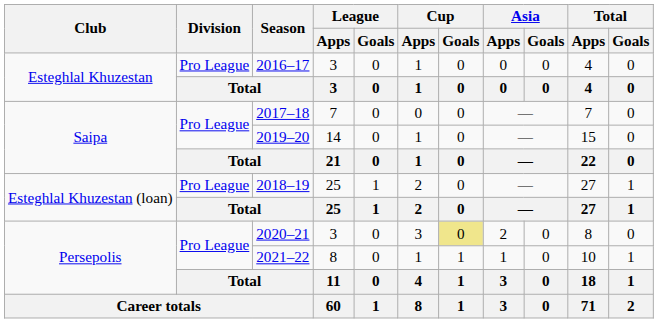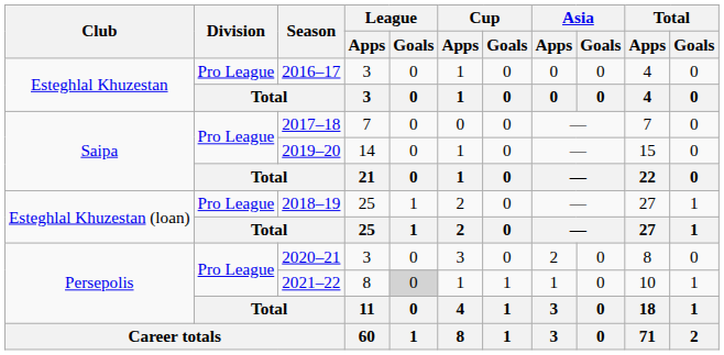 <table class="wikitable" style="text-align: center;">
 <tr>
 <th rowspan="2">Club</th>
 <th rowspan="2">Division</th>
 <th rowspan="2">Season</th>
 <th colspan="2">League</th>
 <th colspan="2">Cup</th>
 <th colspan="2"><a href='#'>Asia</a></th>
 <th colspan="2">Total</th>
 </tr>
 <tr>
 <th>Apps</th>
 <th>Goals</th>
 <th>Apps</th>
 <th>Goals</th>
 <th>Apps</th>
 <th>Goals</th>
 <th>Apps</th>
 <th>Goals</th>
 </tr>
 <tr>
 <td rowspan="2"><a href='#'>Esteghlal Khuzestan</a></td>
 <td rowspan="1"><a href='#'>Pro League</a></td>
 <td><a href='#'>2016–17</a></td>
 <td>3</td>
 <td>0</td>
 <td>1</td>
 <td>0</td>
 <td>0</td>
 <td>0</td>
 <td>4</td>
 <td>0</td>
 </tr>
 <tr>
 <th colspan="2">Total</th>
 <th>3</th>
 <th>0</th>
 <th>1</th>
 <th>0</th>
 <th>0</th>
 <th>0</th>
 <th>4</th>
 <th>0</th>
 </tr>
 <tr>
 <td rowspan="3"><a href='#'>Saipa</a></td>
 <td rowspan="2"><a href='#'>Pro League</a></td>
 <td><a href='#'>2017–18</a></td>
 <td>7</td>
 <td>0</td>
 <td>0</td>
 <td>0</td>
 <td colspan=2>—</td>
 <td>7</td>
 <td>0</td>
 </tr>
 <tr>
 <td><a href='#'>2019–20</a></td>
 <td>14</td>
 <td>0</td>
 <td>1</td>
 <td>0</td>
 <td colspan=2>—</td>
 <td>15</td>
 <td>0</td>
 </tr>
 <tr>
 <th colspan="2">Total</th>
 <th>21</th>
 <th>0</th>
 <th>1</th>
 <th>0</th>
 <th colspan=2>—</th>
 <th>22</th>
 <th>0</th>
 </tr>
 <tr>
 <td rowspan="2"><a href='#'>Esteghlal Khuzestan</a> (loan)</td>
 <td rowspan="1"><a href='#'>Pro League</a></td>
 <td><a href='#'>2018–19</a></td>
 <td>25</td>
 <td>1</td>
 <td>2</td>
 <td>0</td>
 <td colspan=2>—</td>
 <td>27</td>
 <td>1</td>
 </tr>
 <tr>
 <th colspan="2">Total</th>
 <th>25</th>
 <th>1</th>
 <th>2</th>
 <th>0</th>
 <th colspan=2>—</th>
 <th>27</th>
 <th>1</th>
 </tr>
 <tr>
 <td rowspan="3"><a href='#'>Persepolis</a></td>
 <td rowspan="2"><a href='#'>Pro League</a></td>
 <td><a href='#'>2020–21</a></td>
 <td>3</td>
 <td>0</td>
 <td>3</td>
-<td style="background: khaki;">0</td>
+<td>0</td>
 <td>2</td>
 <td>0</td>
 <td>8</td>
 <td>0</td>
 </tr>
 <tr>
 <td><a href='#'>2021–22</a></td>
 <td>8</td>
-<td>0</td>
+<td style="background: lightgrey;">0</td>
 <td>1</td>
 <td>1</td>
 <td>1</td>
 <td>0</td>
 <td>10</td>
 <td>1</td>
 </tr>
 <tr>
 <th colspan="2">Total</th>
 <th>11</th>
 <th>0</th>
 <th>4</th>
 <th>1</th>
 <th>3</th>
 <th>0</th>
 <th>18</th>
 <th>1</th>
 </tr>
 <tr>
 <th colspan=3>Career totals</th>
 <th>60</th>
 <th>1</th>
 <th>8</th>
 <th>1</th>
 <th>3</th>
 <th>0</th>
 <th>71</th>
 <th>2</th>
 </tr>
 </table>
